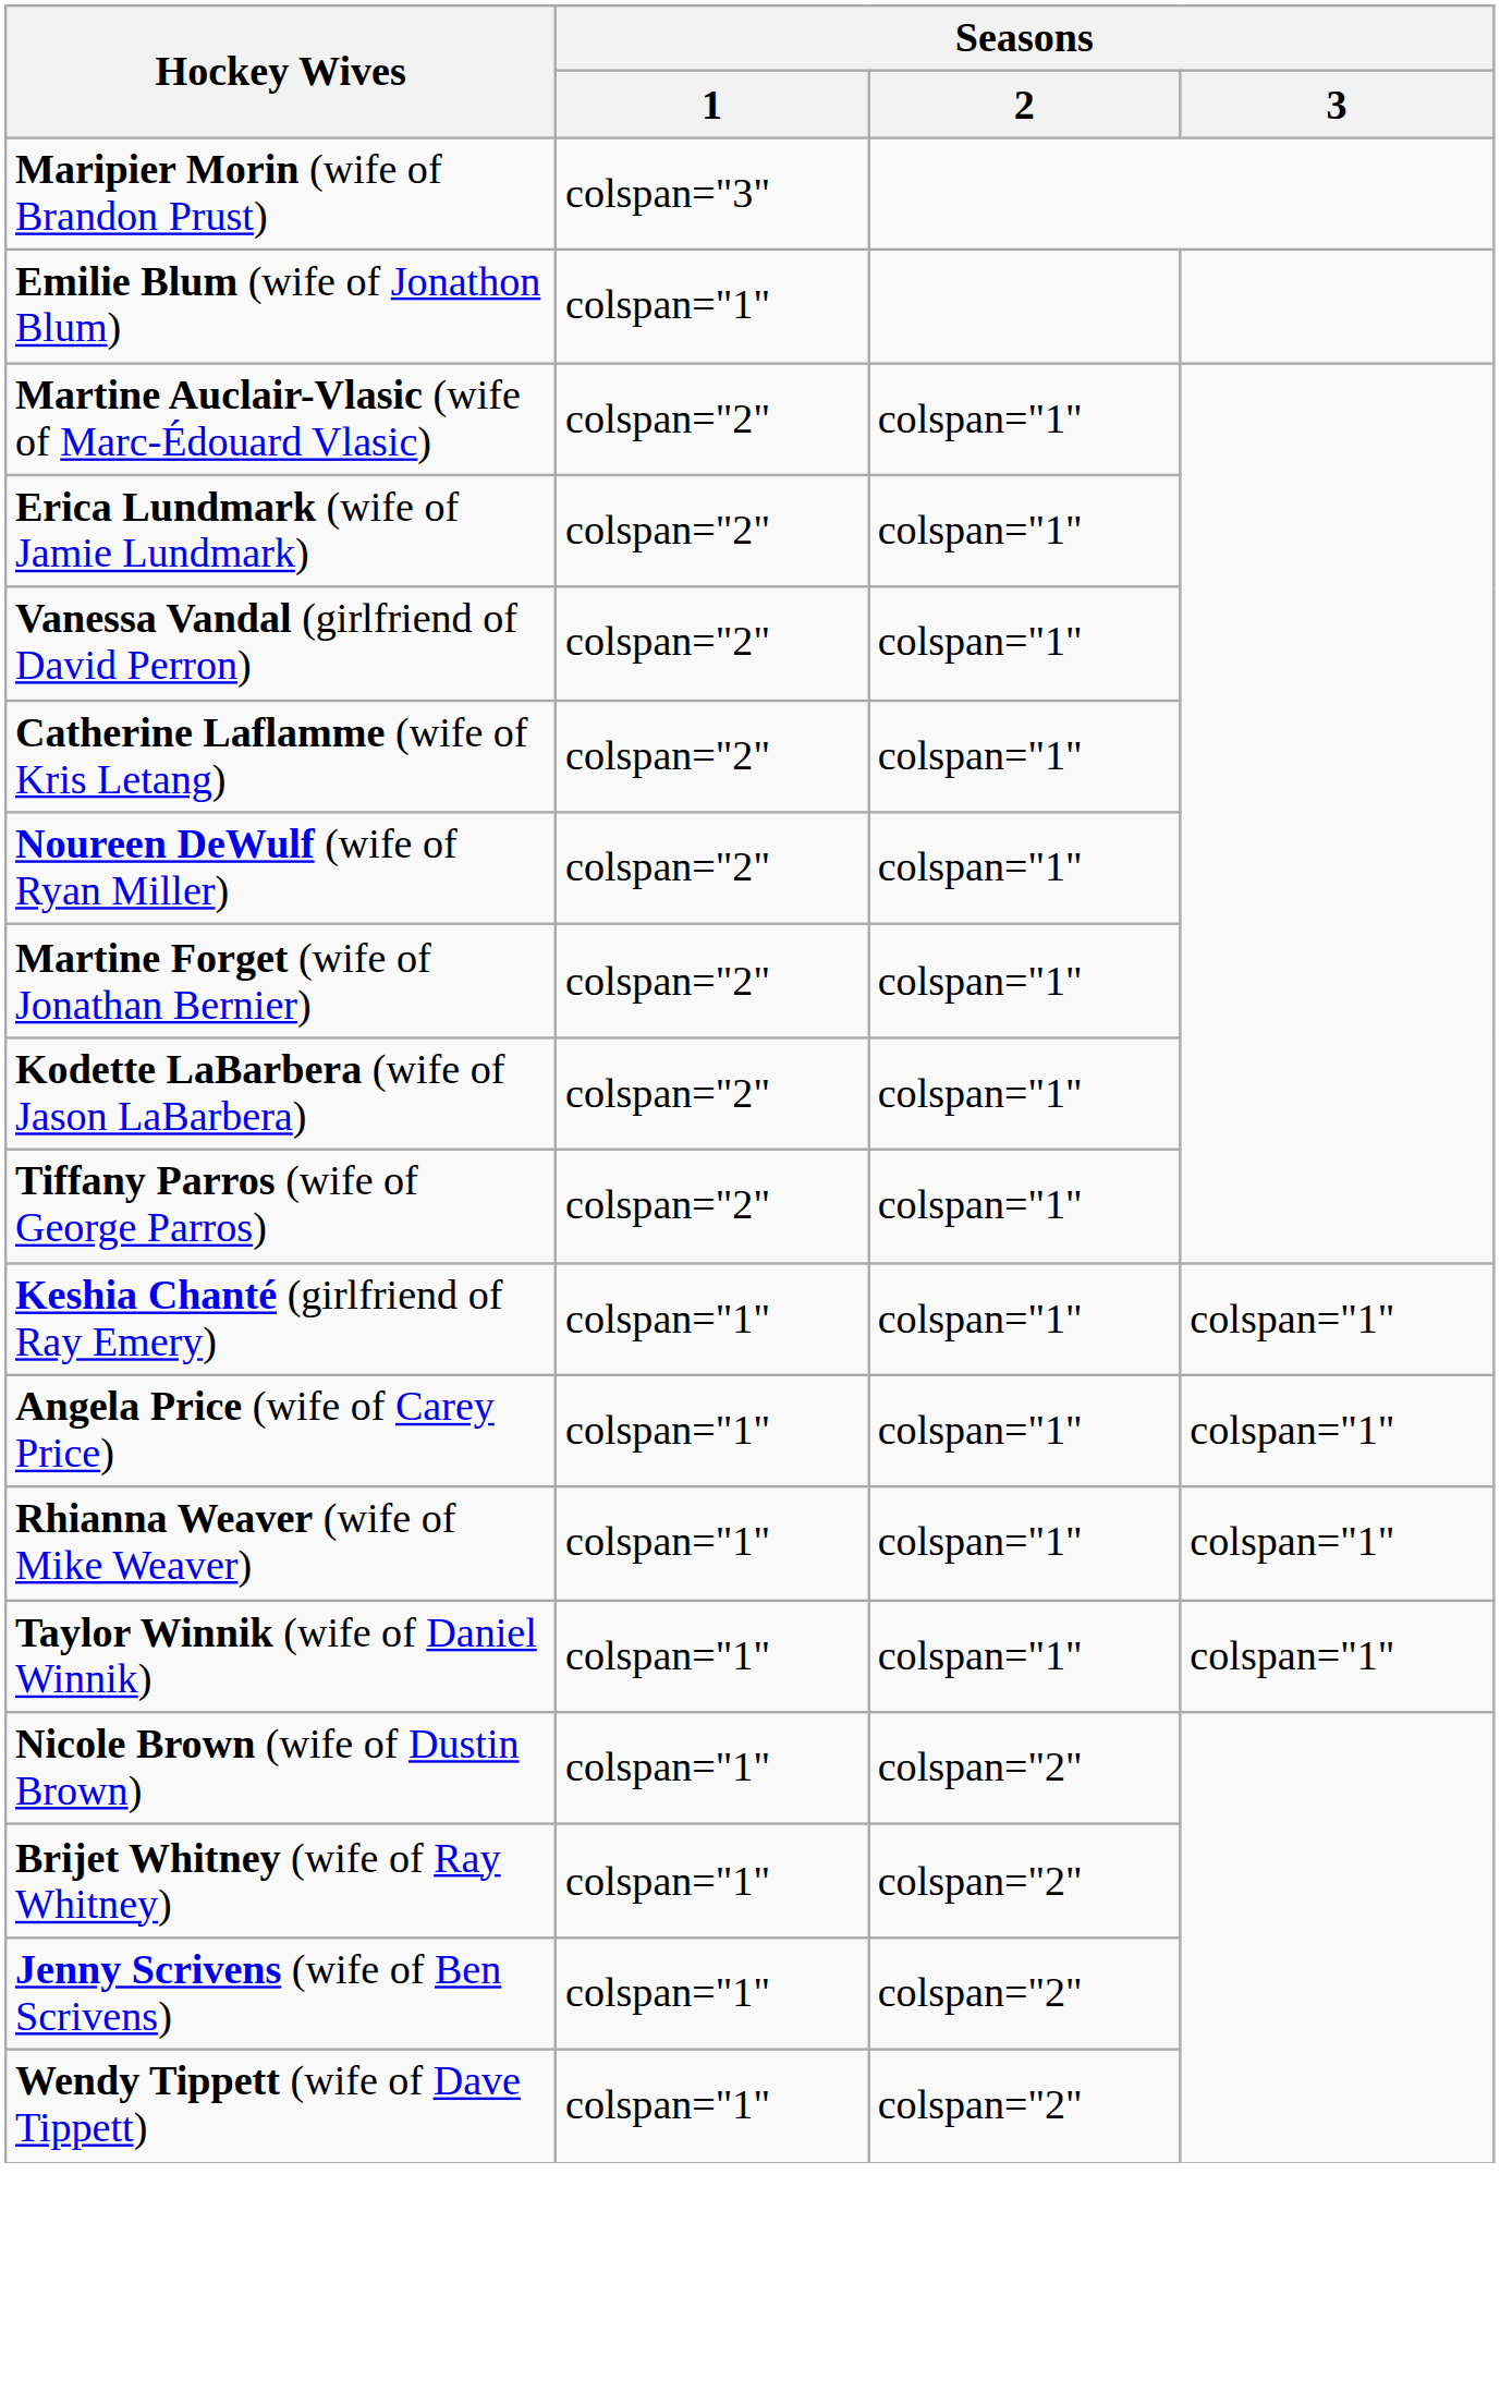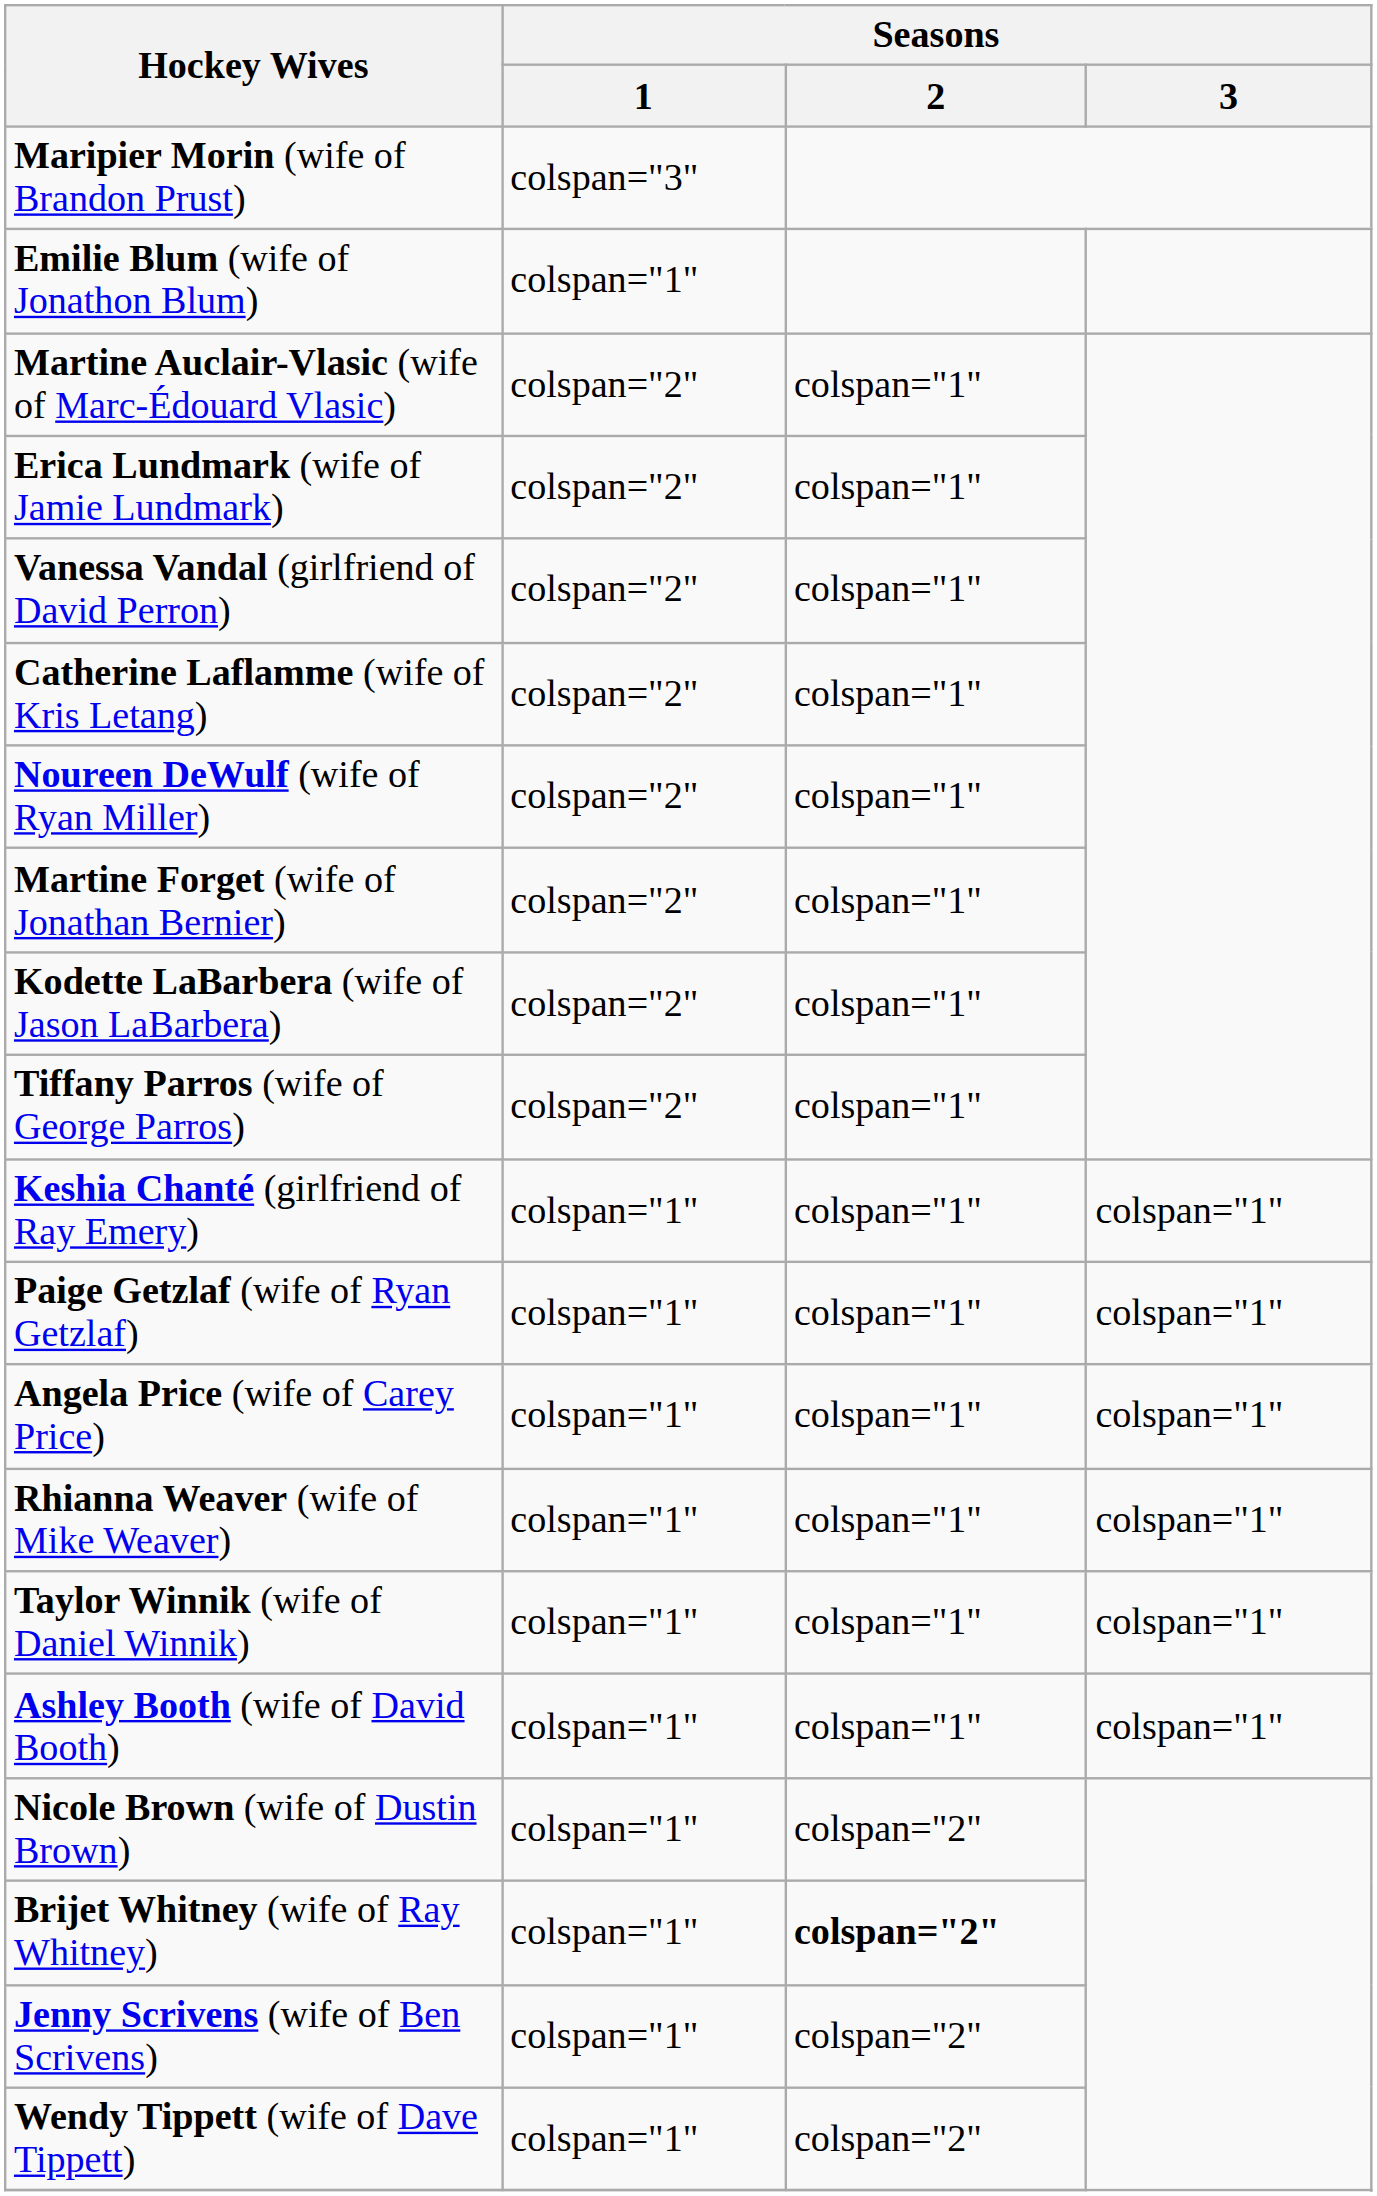 <table class="wikitable plainrowheaders" style="width:65%;">
 <tr>
 <th scope="col" rowspan="2" style="width:20%;">Hockey Wives</th>
 <th scope="col" colspan="3">Seasons</th>
 </tr>
 <tr>
 <th scope="col" style="width:7%;">1</th>
 <th scope="col" style="width:7%;">2</th>
 <th scope="col" style="width:7%;">3</th>
 </tr>
 <tr>
 <td scope="row"><strong>Maripier Morin</strong> (wife of <a href='#'>Brandon Prust</a>)</td>
 <td>colspan="3" </td>
 </tr>
 <tr>
 <td scope="row"><strong>Emilie Blum</strong> (wife of <a href='#'>Jonathon Blum</a>)</td>
 <td>colspan="1" </td>
 <td></td>
 <td></td>
 </tr>
 <tr>
 <td scope="row"><strong>Martine Auclair-Vlasic</strong> (wife of <a href='#'>Marc-Édouard Vlasic</a>)</td>
 <td>colspan="2" </td>
 <td>colspan="1" </td>
 </tr>
 <tr>
 <td scope="row"><strong>Erica Lundmark</strong> (wife of <a href='#'>Jamie Lundmark</a>)</td>
 <td>colspan="2" </td>
 <td>colspan="1" </td>
 </tr>
 <tr>
 <td scope="row"><strong>Vanessa Vandal</strong> (girlfriend of <a href='#'>David Perron</a>)</td>
 <td>colspan="2" </td>
 <td>colspan="1" </td>
 </tr>
 <tr>
 <td scope="row"><strong>Catherine Laflamme</strong> (wife of <a href='#'>Kris Letang</a>)</td>
 <td>colspan="2" </td>
 <td>colspan="1" </td>
 </tr>
 <tr>
 <td scope="row"><strong><a href='#'>Noureen DeWulf</a></strong> (wife of <a href='#'>Ryan Miller</a>)</td>
 <td>colspan="2" </td>
 <td>colspan="1" </td>
 </tr>
 <tr>
 <td scope="row"><strong>Martine Forget</strong> (wife of <a href='#'>Jonathan Bernier</a>)</td>
 <td>colspan="2" </td>
 <td>colspan="1" </td>
 </tr>
 <tr>
 <td scope="row"><strong>Kodette LaBarbera</strong> (wife of <a href='#'>Jason LaBarbera</a>)</td>
 <td>colspan="2" </td>
 <td>colspan="1" </td>
 </tr>
 <tr>
 <td scope="row"><strong>Tiffany Parros</strong> (wife of <a href='#'>George Parros</a>)</td>
 <td>colspan="2" </td>
 <td>colspan="1" </td>
 </tr>
 <tr>
 <td scope="row"><strong><a href='#'>Keshia Chanté</a></strong> (girlfriend of <a href='#'>Ray Emery</a>)</td>
 <td>colspan="1" </td>
 <td>colspan="1" </td>
 <td>colspan="1" </td>
 </tr>
 <tr>
+<td scope="row"><strong>Paige Getzlaf</strong> (wife of <a href='#'>Ryan Getzlaf</a>)</td>
+<td>colspan="1" </td>
+<td>colspan="1" </td>
+<td>colspan="1" </td>
+</tr>
+<tr>
 <td scope="row"><strong>Angela Price</strong> (wife of <a href='#'>Carey Price</a>)</td>
 <td>colspan="1" </td>
 <td>colspan="1" </td>
 <td>colspan="1" </td>
 </tr>
 <tr>
 <td scope="row"><strong>Rhianna Weaver</strong> (wife of <a href='#'>Mike Weaver</a>)</td>
 <td>colspan="1" </td>
 <td>colspan="1" </td>
 <td>colspan="1" </td>
 </tr>
 <tr>
 <td scope="row"><strong>Taylor Winnik</strong> (wife of <a href='#'>Daniel Winnik</a>)</td>
 <td>colspan="1" </td>
 <td>colspan="1" </td>
 <td>colspan="1" </td>
 </tr>
 <tr>
+<td scope="row"><strong><a href='#'>Ashley Booth</a></strong> (wife of <a href='#'>David Booth</a>)</td>
+<td>colspan="1" </td>
+<td>colspan="1" </td>
+<td>colspan="1" </td>
+</tr>
+<tr>
 <td scope="row"><strong>Nicole Brown</strong> (wife of <a href='#'>Dustin Brown</a>)</td>
 <td>colspan="1" </td>
 <td>colspan="2" </td>
 </tr>
 <tr>
 <td scope="row"><strong>Brijet Whitney</strong> (wife of <a href='#'>Ray Whitney</a>)</td>
 <td>colspan="1" </td>
-<td>colspan="2" </td>
+<td><strong>colspan="2" </strong></td>
 </tr>
 <tr>
 <td scope="row"><strong><a href='#'>Jenny Scrivens</a></strong> (wife of <a href='#'>Ben Scrivens</a>)</td>
 <td>colspan="1" </td>
 <td>colspan="2" </td>
 </tr>
 <tr>
 <td scope="row"><strong>Wendy Tippett</strong> (wife of <a href='#'>Dave Tippett</a>)</td>
 <td>colspan="1" </td>
 <td>colspan="2" </td>
 </tr>
 <tr>
 </tr>
 </table>
